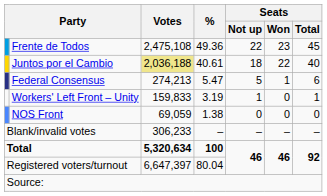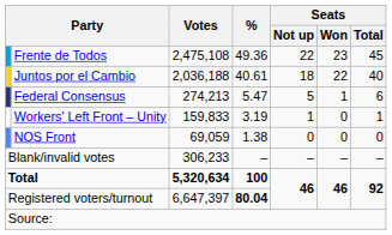 <table class="wikitable" style="text-align:right">
 <tr>
 <th colspan="2" rowspan="2">Party</th>
 <th rowspan="2">Votes</th>
 <th rowspan="2">%</th>
 <th colspan="3">Seats</th>
 </tr>
 <tr>
 <th>Not up</th>
 <th>Won</th>
 <th>Total</th>
 </tr>
 <tr>
 <td style="color:inherit;background:#009FE3"></td>
 <td align="left"><a href='#'>Frente de Todos</a></td>
 <td>2,475,108</td>
 <td>49.36</td>
 <td>22</td>
 <td>23</td>
 <td>45</td>
 </tr>
 <tr>
 <td style="color:inherit;background:#FFD700"></td>
 <td align="left"><a href='#'>Juntos por el Cambio</a></td>
-<td style="background: khaki;">2,036,188</td>
+<td>2,036,188</td>
 <td>40.61</td>
 <td>18</td>
 <td>22</td>
 <td>40</td>
 </tr>
 <tr>
 <td style="color:inherit;background:#283084"></td>
 <td align="left"><a href='#'>Federal Consensus</a></td>
 <td>274,213</td>
 <td>5.47</td>
 <td>5</td>
 <td>1</td>
 <td>6</td>
 </tr>
 <tr>
 <td></td>
 <td align="left"><a href='#'>Workers' Left Front – Unity</a></td>
 <td>159,833</td>
 <td>3.19</td>
 <td>1</td>
 <td>0</td>
 <td>1</td>
 </tr>
 <tr>
 <td style="color:inherit;background:#4A87FF"></td>
 <td align="left"><a href='#'>NOS Front</a></td>
 <td>69,059</td>
 <td>1.38</td>
 <td>0</td>
 <td>0</td>
 <td>0</td>
 </tr>
 <tr>
 <td colspan="2" align="left">Blank/invalid votes</td>
 <td>306,233</td>
 <td>–</td>
 <td>–</td>
 <td>–</td>
 <td>–</td>
 </tr>
 <tr>
 <td colspan="2" align="left"><strong>Total</strong></td>
 <td><strong>5,320,634</strong></td>
 <td><strong>100</strong></td>
 <td rowspan="2"><strong>46</strong></td>
 <td rowspan="2"><strong>46</strong></td>
 <td rowspan="2"><strong>92</strong></td>
 </tr>
 <tr>
 <td colspan="2" align="left">Registered voters/turnout</td>
 <td>6,647,397</td>
-<td>80.04</td>
+<td><strong>80.04</strong></td>
 </tr>
 <tr>
 <td colspan="7" align="left">Source: </td>
 </tr>
 </table>
